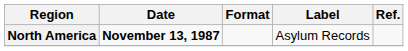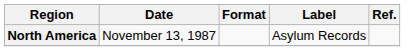 <table class="wikitable plainrowheaders">
 <tr>
 <th scope="col">Region</th>
 <th scope="col">Date</th>
 <th scope="col">Format</th>
 <th scope="col">Label</th>
 <th scope="col">Ref.</th>
 </tr>
 <tr>
 <th scope="row">North America</th>
-<td><strong>November 13, 1987</strong></td>
+<td>November 13, 1987</td>
 <td></td>
 <td>Asylum Records</td>
 <td></td>
 </tr>
 <tr>
 </tr>
 </table>
